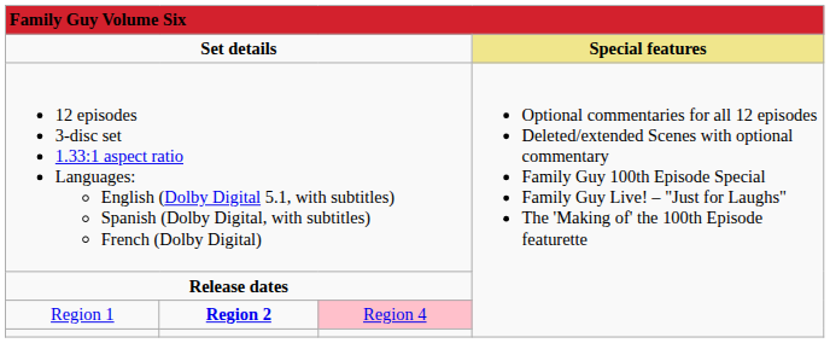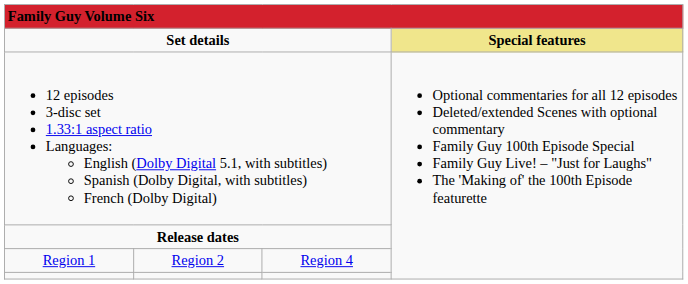 <table class="wikitable" style="font-size: 95%;">
 <tr>
 <td colspan="5" style="background-color: #D3212D;"><strong>Family Guy Volume Six</strong></td>
 </tr>
 <tr valign="top">
 <td align="center" width="300" colspan="3"><strong>Set details</strong></td>
 <td width="300" align="center" style="background: khaki;"><strong>Special features</strong></td>
 </tr>
 <tr valign="top">
 <td colspan="3" align="left" width="400"><br><ul><li>12 episodes</li><li>3-disc set</li><li><a href='#'>1.33:1 aspect ratio</a></li><li>Languages:<ul><li>English (<a href='#'>Dolby Digital</a> 5.1, with subtitles)</li><li>Spanish (Dolby Digital, with subtitles)</li><li>French (Dolby Digital)</li></ul></li></ul></td>
 <td rowspan="4" align="left" width="300"><br><ul><li>Optional commentaries for all 12 episodes</li><li>Deleted/extended Scenes with optional commentary</li><li>Family Guy 100th Episode Special</li><li>Family Guy Live! – "Just for Laughs"</li><li>The 'Making of' the 100th Episode featurette</li></ul></td>
 </tr>
 <tr>
 <td colspan="3" align="center"><strong>Release dates</strong></td>
 </tr>
 <tr>
 <td align="center"><a href='#'>Region 1</a></td>
-<td align="center"><strong><a href='#'>Region 2</a></strong></td>
-<td align="center" style="background: pink;"><a href='#'>Region 4</a></td>
+<td align="center"><a href='#'>Region 2</a></td>
+<td align="center"><a href='#'>Region 4</a></td>
 </tr>
 <tr>
 <td align="center"></td>
 <td align="center"></td>
 <td align="center"></td>
 </tr>
 </table>
